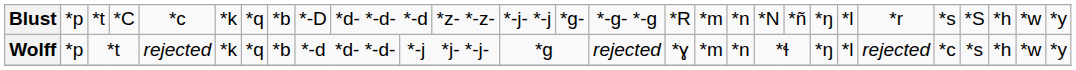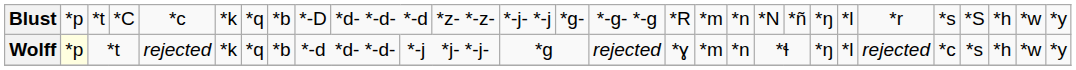 <table class="wikitable" style="text-align: center; ">
 <tr>
 <th>Blust</th>
 <td>*p</td>
 <td>*t</td>
 <td>*C</td>
 <td>*c</td>
 <td>*k</td>
 <td>*q</td>
 <td>*b</td>
 <td>*‑D</td>
 <td style='border-style: solid none solid solid;'>*d‑ *‑d‑</td>
 <td style='border-style: solid solid solid none;'>*‑d</td>
 <td>*z‑ *‑z‑</td>
 <td>*‑j- *‑j</td>
 <td>*g‑</td>
 <td>*‑g- *‑g</td>
 <td>*R</td>
 <td>*m</td>
 <td>*n</td>
 <td>*N</td>
 <td>*ñ</td>
 <td>*ŋ</td>
 <td>*l</td>
 <td>*r</td>
 <td>*s</td>
 <td>*S</td>
 <td>*h</td>
 <td>*w</td>
 <td>*y</td>
 </tr>
 <tr>
 <th>Wolff</th>
-<td>*p</td>
+<td style="background: lightyellow;">*p</td>
 <td colspan=2>*t</td>
 <td><em>rejected</em></td>
 <td>*k</td>
 <td>*q</td>
 <td>*b</td>
 <td style='border-style: solid none solid solid;'>*‑d</td>
 <td style='border-style: solid solid solid none;'>*d‑ *‑d‑</td>
 <td style='border-style: solid none solid solid;'>*‑j</td>
 <td style='border-style: solid solid solid none;'>*j‑ *‑j‑</td>
 <td colspan=2>*g</td>
 <td><em>rejected</em></td>
 <td>*ɣ</td>
 <td>*m</td>
 <td>*n</td>
 <td colspan=2>*ɬ</td>
 <td>*ŋ</td>
 <td>*l</td>
 <td><em>rejected</em></td>
 <td>*c</td>
 <td>*s</td>
 <td>*h</td>
 <td>*w</td>
 <td>*y</td>
 </tr>
 <tr>
 </tr>
 </table>
